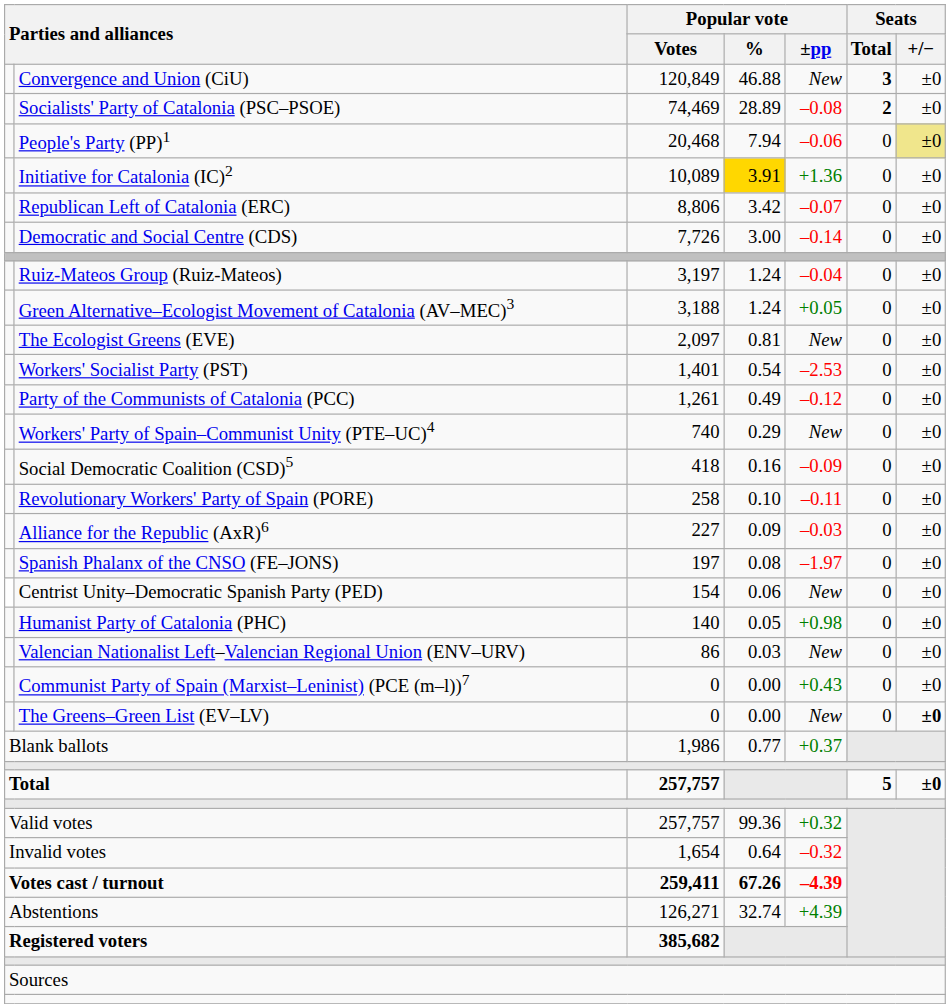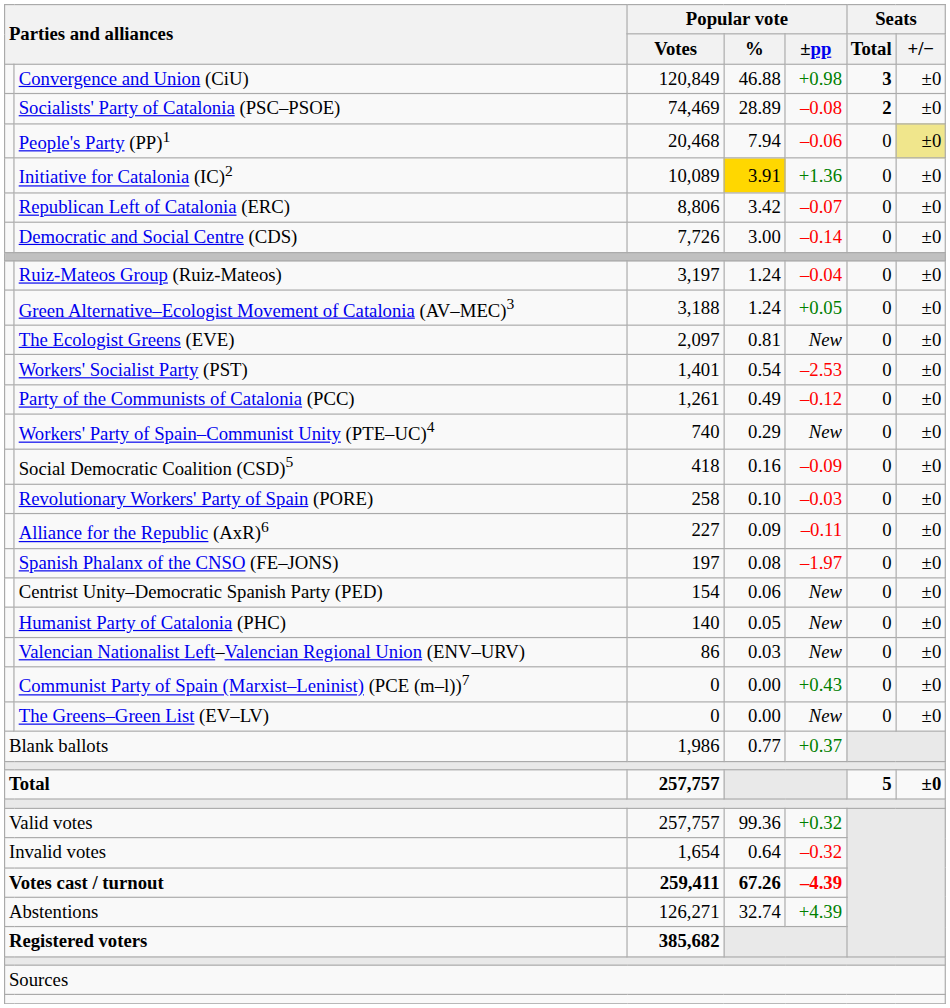 <table class="wikitable" style="text-align:right;">
 <tr>
 <th style="text-align:left;" rowspan="2" colspan="2" width="525">Parties and alliances</th>
 <th colspan="3">Popular vote</th>
 <th colspan="2">Seats</th>
 </tr>
 <tr>
 <th width="75">Votes</th>
 <th width="45">%</th>
 <th width="45">±<a href='#'>pp</a></th>
 <th width="35">Total</th>
 <th width="35">+/−</th>
 </tr>
 <tr>
 <td width="1" style="color:inherit;background:"></td>
 <td align="left"><a href='#'>Convergence and Union</a> (CiU)</td>
 <td>120,849</td>
 <td>46.88</td>
-<td><em>New</em></td>
+<td style="color:green;">+0.98</td>
 <td><strong>3</strong></td>
 <td>±0</td>
 </tr>
 <tr>
 <td style="color:inherit;background:"></td>
 <td align="left"><a href='#'>Socialists' Party of Catalonia</a> (PSC–PSOE)</td>
 <td>74,469</td>
 <td>28.89</td>
 <td style="color:red;">–0.08</td>
 <td><strong>2</strong></td>
 <td>±0</td>
 </tr>
 <tr>
 <td style="color:inherit;background:"></td>
 <td align="left"><a href='#'>People's Party</a> (PP)<sup>1</sup></td>
 <td>20,468</td>
 <td>7.94</td>
 <td style="color:red;">–0.06</td>
 <td>0</td>
 <td style="background: khaki;">±0</td>
 </tr>
 <tr>
 <td style="color:inherit;background:"></td>
 <td align="left"><a href='#'>Initiative for Catalonia</a> (IC)<sup>2</sup></td>
 <td>10,089</td>
 <td style="background: gold;">3.91</td>
 <td style="color:green;">+1.36</td>
 <td>0</td>
 <td>±0</td>
 </tr>
 <tr>
 <td style="color:inherit;background:"></td>
 <td align="left"><a href='#'>Republican Left of Catalonia</a> (ERC)</td>
 <td>8,806</td>
 <td>3.42</td>
 <td style="color:red;">–0.07</td>
 <td>0</td>
 <td>±0</td>
 </tr>
 <tr>
 <td style="color:inherit;background:"></td>
 <td align="left"><a href='#'>Democratic and Social Centre</a> (CDS)</td>
 <td>7,726</td>
 <td>3.00</td>
 <td style="color:red;">–0.14</td>
 <td>0</td>
 <td>±0</td>
 </tr>
 <tr>
 <td colspan="7" bgcolor="#C0C0C0"></td>
 </tr>
 <tr>
 <td style="color:inherit;background:"></td>
 <td align="left"><a href='#'>Ruiz-Mateos Group</a> (Ruiz-Mateos)</td>
 <td>3,197</td>
 <td>1.24</td>
 <td style="color:red;">–0.04</td>
 <td>0</td>
 <td>±0</td>
 </tr>
 <tr>
 <td style="color:inherit;background:"></td>
 <td align="left"><a href='#'>Green Alternative–Ecologist Movement of Catalonia</a> (AV–MEC)<sup>3</sup></td>
 <td>3,188</td>
 <td>1.24</td>
 <td style="color:green;">+0.05</td>
 <td>0</td>
 <td>±0</td>
 </tr>
 <tr>
 <td style="color:inherit;background:"></td>
 <td align="left"><a href='#'>The Ecologist Greens</a> (EVE)</td>
 <td>2,097</td>
 <td>0.81</td>
 <td><em>New</em></td>
 <td>0</td>
 <td>±0</td>
 </tr>
 <tr>
 <td style="color:inherit;background:"></td>
 <td align="left"><a href='#'>Workers' Socialist Party</a> (PST)</td>
 <td>1,401</td>
 <td>0.54</td>
 <td style="color:red;">–2.53</td>
 <td>0</td>
 <td>±0</td>
 </tr>
 <tr>
 <td style="color:inherit;background:"></td>
 <td align="left"><a href='#'>Party of the Communists of Catalonia</a> (PCC)</td>
 <td>1,261</td>
 <td>0.49</td>
 <td style="color:red;">–0.12</td>
 <td>0</td>
 <td>±0</td>
 </tr>
 <tr>
 <td style="color:inherit;background:"></td>
 <td align="left"><a href='#'>Workers' Party of Spain–Communist Unity</a> (PTE–UC)<sup>4</sup></td>
 <td>740</td>
 <td>0.29</td>
 <td><em>New</em></td>
 <td>0</td>
 <td>±0</td>
 </tr>
 <tr>
 <td style="color:inherit;background:"></td>
 <td align="left">Social Democratic Coalition (CSD)<sup>5</sup></td>
 <td>418</td>
 <td>0.16</td>
 <td style="color:red;">–0.09</td>
 <td>0</td>
 <td>±0</td>
 </tr>
 <tr>
 <td style="color:inherit;background:"></td>
 <td align="left"><a href='#'>Revolutionary Workers' Party of Spain</a> (PORE)</td>
 <td>258</td>
 <td>0.10</td>
-<td style="color:red;">–0.11</td>
+<td style="color:red;">–0.03</td>
 <td>0</td>
 <td>±0</td>
 </tr>
 <tr>
 <td style="color:inherit;background:"></td>
 <td align="left"><a href='#'>Alliance for the Republic</a> (AxR)<sup>6</sup></td>
 <td>227</td>
 <td>0.09</td>
-<td style="color:red;">–0.03</td>
+<td style="color:red;">–0.11</td>
 <td>0</td>
 <td>±0</td>
 </tr>
 <tr>
 <td style="color:inherit;background:"></td>
 <td align="left"><a href='#'>Spanish Phalanx of the CNSO</a> (FE–JONS)</td>
 <td>197</td>
 <td>0.08</td>
 <td style="color:red;">–1.97</td>
 <td>0</td>
 <td>±0</td>
 </tr>
 <tr>
 <td bgcolor="white"></td>
 <td align="left">Centrist Unity–Democratic Spanish Party (PED)</td>
 <td>154</td>
 <td>0.06</td>
 <td><em>New</em></td>
 <td>0</td>
 <td>±0</td>
 </tr>
 <tr>
 <td style="color:inherit;background:"></td>
 <td align="left"><a href='#'>Humanist Party of Catalonia</a> (PHC)</td>
 <td>140</td>
 <td>0.05</td>
-<td style="color:green;">+0.98</td>
+<td><em>New</em></td>
 <td>0</td>
 <td>±0</td>
 </tr>
 <tr>
 <td style="color:inherit;background:"></td>
 <td align="left"><a href='#'>Valencian Nationalist Left</a>–<a href='#'>Valencian Regional Union</a> (ENV–URV)</td>
 <td>86</td>
 <td>0.03</td>
 <td><em>New</em></td>
 <td>0</td>
 <td>±0</td>
 </tr>
 <tr>
 <td style="color:inherit;background:"></td>
 <td align="left"><a href='#'>Communist Party of Spain (Marxist–Leninist)</a> (PCE (m–l))<sup>7</sup></td>
 <td>0</td>
 <td>0.00</td>
 <td style="color:green;">+0.43</td>
 <td>0</td>
 <td>±0</td>
 </tr>
 <tr>
 <td style="color:inherit;background:"></td>
 <td align="left"><a href='#'>The Greens–Green List</a> (EV–LV)</td>
 <td>0</td>
 <td>0.00</td>
 <td><em>New</em></td>
 <td>0</td>
-<td><strong>±0</strong></td>
+<td>±0</td>
 </tr>
 <tr>
 <td align="left" colspan="2">Blank ballots</td>
 <td>1,986</td>
 <td>0.77</td>
 <td style="color:green;">+0.37</td>
 <td bgcolor="#E9E9E9" colspan="2"></td>
 </tr>
 <tr>
 <td colspan="7" bgcolor="#E9E9E9"></td>
 </tr>
 <tr style="font-weight:bold;">
 <td align="left" colspan="2">Total</td>
 <td>257,757</td>
 <td bgcolor="#E9E9E9" colspan="2"></td>
 <td>5</td>
 <td>±0</td>
 </tr>
 <tr>
 <td colspan="7" bgcolor="#E9E9E9"></td>
 </tr>
 <tr>
 <td align="left" colspan="2">Valid votes</td>
 <td>257,757</td>
 <td>99.36</td>
 <td style="color:green;">+0.32</td>
 <td bgcolor="#E9E9E9" colspan="2" rowspan="5"></td>
 </tr>
 <tr>
 <td align="left" colspan="2">Invalid votes</td>
 <td>1,654</td>
 <td>0.64</td>
 <td style="color:red;">–0.32</td>
 </tr>
 <tr style="font-weight:bold;">
 <td align="left" colspan="2">Votes cast / turnout</td>
 <td>259,411</td>
 <td>67.26</td>
 <td style="color:red;">–4.39</td>
 </tr>
 <tr>
 <td align="left" colspan="2">Abstentions</td>
 <td>126,271</td>
 <td>32.74</td>
 <td style="color:green;">+4.39</td>
 </tr>
 <tr style="font-weight:bold;">
 <td align="left" colspan="2">Registered voters</td>
 <td>385,682</td>
 <td bgcolor="#E9E9E9" colspan="2"></td>
 </tr>
 <tr>
 <td colspan="7" bgcolor="#E9E9E9"></td>
 </tr>
 <tr>
 <td align="left" colspan="7">Sources</td>
 </tr>
 <tr>
 <td colspan="7" style="text-align:left; max-width:790px;"></td>
 </tr>
 </table>
